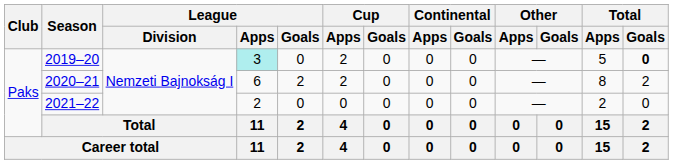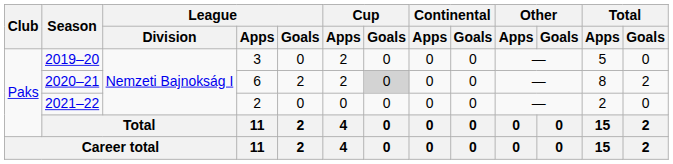 <table class="wikitable" style="text-align:center">
 <tr>
 <th rowspan="2">Club</th>
 <th rowspan="2">Season</th>
 <th colspan="3">League</th>
 <th colspan="2">Cup</th>
 <th colspan="2">Continental</th>
 <th colspan="2">Other</th>
 <th colspan="2">Total</th>
 </tr>
 <tr>
 <th>Division</th>
 <th>Apps</th>
 <th>Goals</th>
 <th>Apps</th>
 <th>Goals</th>
 <th>Apps</th>
 <th>Goals</th>
 <th>Apps</th>
 <th>Goals</th>
 <th>Apps</th>
 <th>Goals</th>
 </tr>
 <tr>
 <td rowspan="4"><a href='#'>Paks</a></td>
 <td><a href='#'>2019–20</a></td>
 <td rowspan="3"><a href='#'>Nemzeti Bajnokság I</a></td>
-<td style="background: paleturquoise;">3</td>
+<td>3</td>
 <td>0</td>
 <td>2</td>
 <td>0</td>
 <td>0</td>
 <td>0</td>
 <td colspan="2">—</td>
 <td>5</td>
-<td><strong>0</strong></td>
+<td>0</td>
 </tr>
 <tr>
 <td><a href='#'>2020–21</a></td>
 <td>6</td>
 <td>2</td>
 <td>2</td>
-<td>0</td>
+<td style="background: lightgrey;">0</td>
 <td>0</td>
 <td>0</td>
 <td colspan="2">—</td>
 <td>8</td>
 <td>2</td>
 </tr>
 <tr>
 <td><a href='#'>2021–22</a></td>
 <td>2</td>
 <td>0</td>
 <td>0</td>
 <td>0</td>
 <td>0</td>
 <td>0</td>
 <td colspan="2">—</td>
 <td>2</td>
 <td>0</td>
 </tr>
 <tr>
 <th colspan="2">Total</th>
 <th>11</th>
 <th>2</th>
 <th>4</th>
 <th>0</th>
 <th>0</th>
 <th>0</th>
 <th>0</th>
 <th>0</th>
 <th>15</th>
 <th>2</th>
 </tr>
 <tr>
 <th colspan="3">Career total</th>
 <th>11</th>
 <th>2</th>
 <th>4</th>
 <th>0</th>
 <th>0</th>
 <th>0</th>
 <th>0</th>
 <th>0</th>
 <th>15</th>
 <th>2</th>
 </tr>
 </table>
